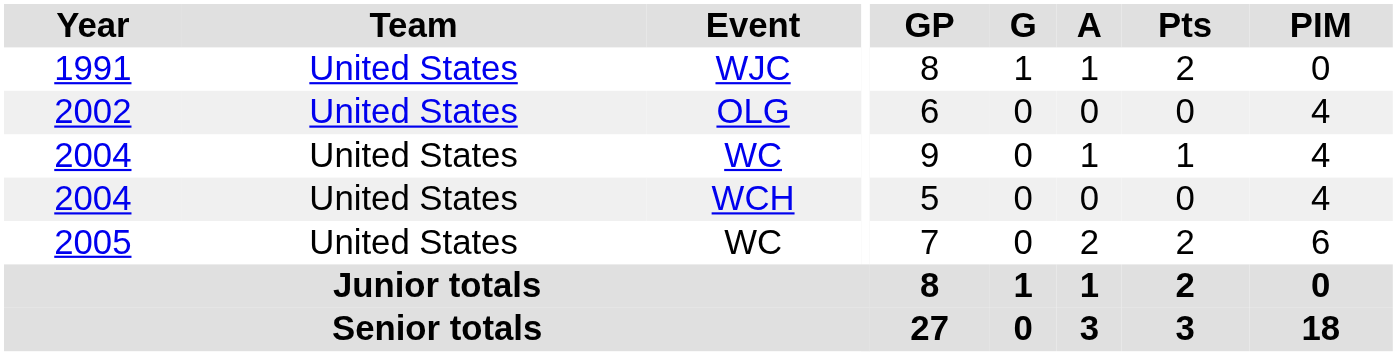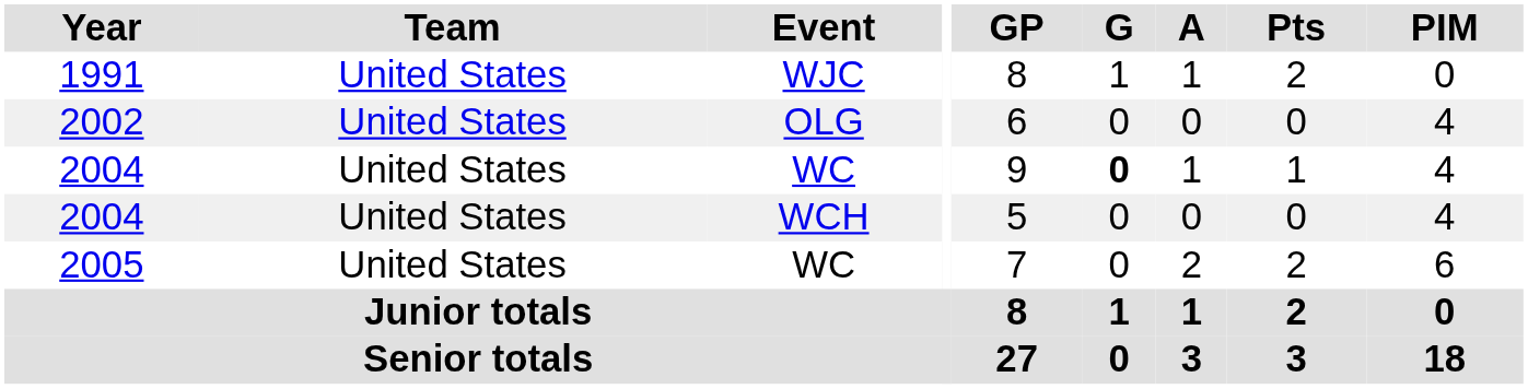 <table border="0" cellpadding="1" cellspacing="0" ID="Table3" style="text-align:center; width:40em">
 <tr bgcolor="#e0e0e0">
 <th>Year</th>
 <th>Team</th>
 <th>Event</th>
 <th rowspan="102" bgcolor="#ffffff"></th>
 <th>GP</th>
 <th>G</th>
 <th>A</th>
 <th>Pts</th>
 <th>PIM</th>
 </tr>
 <tr>
 <td><a href='#'>1991</a></td>
 <td><a href='#'>United States</a></td>
 <td><a href='#'>WJC</a></td>
 <td>8</td>
 <td>1</td>
 <td>1</td>
 <td>2</td>
 <td>0</td>
 </tr>
 <tr bgcolor="#f0f0f0">
 <td><a href='#'>2002</a></td>
 <td><a href='#'>United States</a></td>
 <td><a href='#'>OLG</a></td>
 <td>6</td>
 <td>0</td>
 <td>0</td>
 <td>0</td>
 <td>4</td>
 </tr>
 <tr>
 <td><a href='#'>2004</a></td>
 <td>United States</td>
 <td><a href='#'>WC</a></td>
 <td>9</td>
-<td>0</td>
+<td><strong>0</strong></td>
 <td>1</td>
 <td>1</td>
 <td>4</td>
 </tr>
 <tr bgcolor="#f0f0f0">
 <td><a href='#'>2004</a></td>
 <td>United States</td>
 <td><a href='#'>WCH</a></td>
 <td>5</td>
 <td>0</td>
 <td>0</td>
 <td>0</td>
 <td>4</td>
 </tr>
 <tr>
 <td><a href='#'>2005</a></td>
 <td>United States</td>
 <td>WC</td>
 <td>7</td>
 <td>0</td>
 <td>2</td>
 <td>2</td>
 <td>6</td>
 </tr>
 <tr bgcolor="#e0e0e0">
 <th colspan=4>Junior totals</th>
 <th>8</th>
 <th>1</th>
 <th>1</th>
 <th>2</th>
 <th>0</th>
 </tr>
 <tr bgcolor="#e0e0e0">
 <th colspan=4>Senior totals</th>
 <th>27</th>
 <th>0</th>
 <th>3</th>
 <th>3</th>
 <th>18</th>
 </tr>
 </table>
